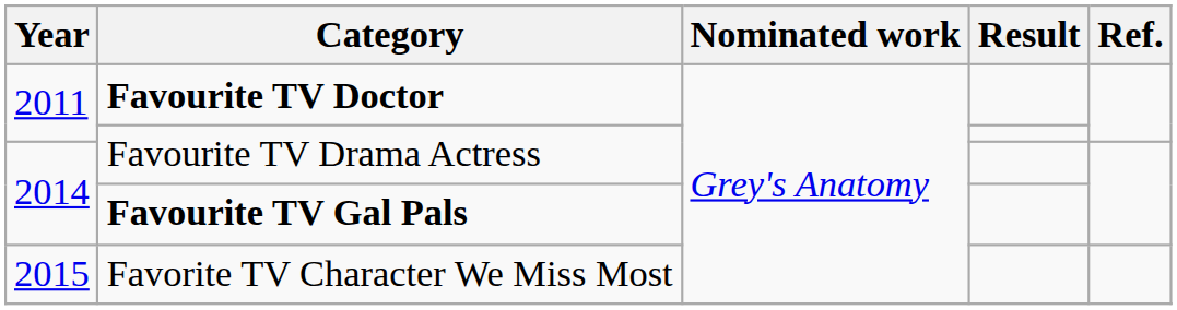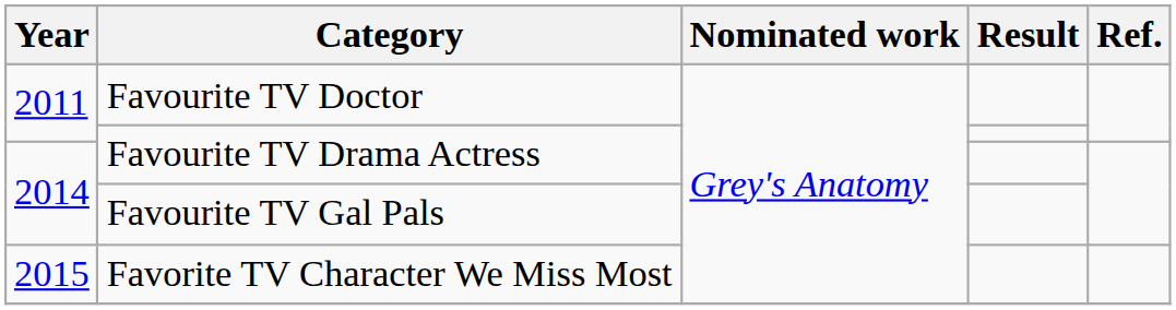 <table class="wikitable plainrowheaders">
 <tr>
 <th scope="col">Year</th>
 <th scope="col">Category</th>
 <th scope="col">Nominated work</th>
 <th scope="col">Result</th>
 <th scope="col">Ref.</th>
 </tr>
 <tr>
 <td rowspan="2"><a href='#'>2011</a></td>
-<td><strong>Favourite TV Doctor</strong></td>
+<td>Favourite TV Doctor</td>
 <td rowspan="5"><em><a href='#'>Grey's Anatomy</a></em></td>
 <td></td>
 <td align="center" rowspan="2"></td>
 </tr>
 <tr>
 <td rowspan="2">Favourite TV Drama Actress</td>
 <td></td>
 </tr>
 <tr>
 <td rowspan="2"><a href='#'>2014</a></td>
 <td></td>
 <td align="center" rowspan="2"></td>
 </tr>
 <tr>
-<td><strong>Favourite TV Gal Pals</strong></td>
+<td>Favourite TV Gal Pals</td>
 <td></td>
 </tr>
 <tr>
 <td><a href='#'>2015</a></td>
 <td>Favorite TV Character We Miss Most</td>
 <td></td>
 <td align="center"></td>
 </tr>
 <tr>
 </tr>
 </table>
